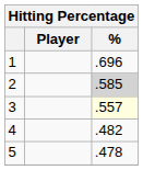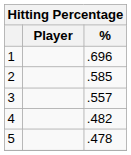 <table class="wikitable">
 <tr>
 <th colspan="3">Hitting Percentage</th>
 </tr>
 <tr>
 <th></th>
 <th>Player</th>
 <th>%</th>
 </tr>
 <tr>
 <td>1</td>
 <td></td>
 <td>.696</td>
 </tr>
 <tr>
 <td>2</td>
 <td></td>
-<td style="background: lightgrey;">.585</td>
+<td>.585</td>
 </tr>
 <tr>
 <td>3</td>
 <td></td>
-<td style="background: lightyellow;">.557</td>
+<td>.557</td>
 </tr>
 <tr>
 <td>4</td>
 <td></td>
 <td>.482</td>
 </tr>
 <tr>
 <td>5</td>
 <td></td>
 <td>.478</td>
 </tr>
 <tr>
 </tr>
 </table>
